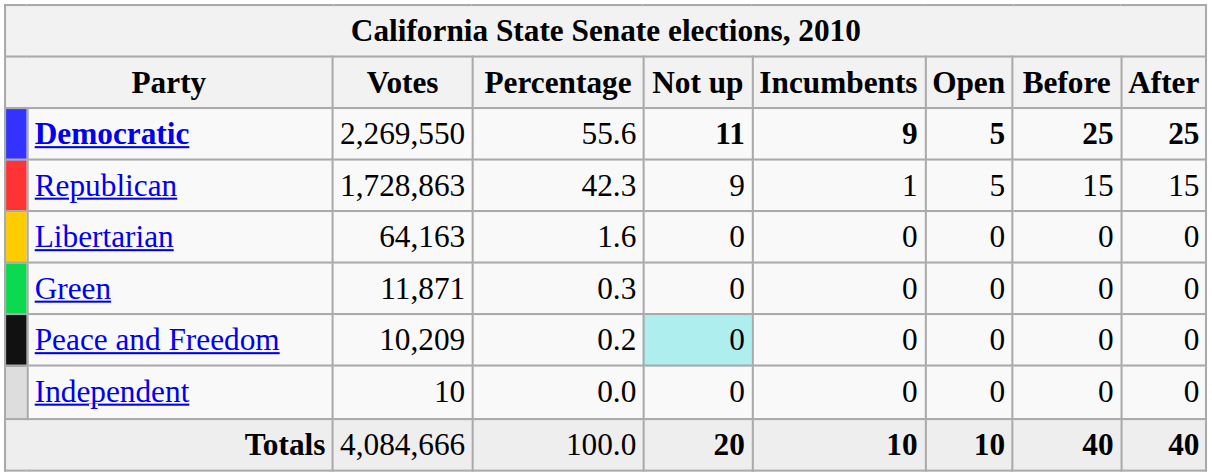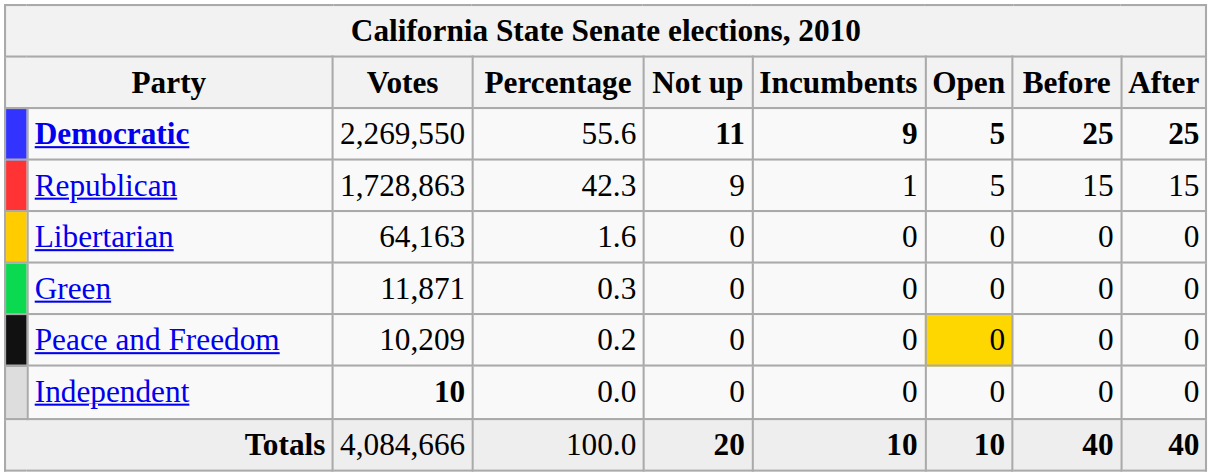 <table class="wikitable" style="font-size: 95%;">
 <tr style="background-color:#E9E9E9">
 <th colspan="9">California State Senate elections, 2010</th>
 </tr>
 <tr bgcolor="#EEEEEE" align="center">
 <th colspan=2 style="width: 10em">Party</th>
 <th style="width: 4em">Votes</th>
 <th style="width: 5em">Percentage</th>
 <th style="width: 3em">Not up</th>
 <th style="width: 5em">Incumbents</th>
 <th style="width: 2em">Open</th>
 <th style="width: 3em">Before</th>
 <th style="width: 1em">After</th>
 </tr>
 <tr>
 <th style="background-color:#3333FF; width: 3px"></th>
 <td style="width: 130px"><strong><a href='#'>Democratic</a></strong></td>
 <td align="right">2,269,550</td>
 <td align="right">55.6</td>
 <td align="right"><strong>11</strong></td>
 <td align="right"><strong>9</strong></td>
 <td align="right"><strong>5</strong></td>
 <td align="right"><strong>25</strong></td>
 <td align="right"><strong>25</strong></td>
 </tr>
 <tr>
 <th style="background-color:#FF3333; width: 3px"></th>
 <td style="width: 130px"><a href='#'>Republican</a></td>
 <td align="right">1,728,863</td>
 <td align="right">42.3</td>
 <td align="right">9</td>
 <td align="right">1</td>
 <td align="right">5</td>
 <td align="right">15</td>
 <td align="right">15</td>
 </tr>
 <tr>
 <th style="background-color:#FFCC00; width: 3px"></th>
 <td style="width: 130px"><a href='#'>Libertarian</a></td>
 <td align="right">64,163</td>
 <td align="right">1.6</td>
 <td align="right">0</td>
 <td align="right">0</td>
 <td align="right">0</td>
 <td align="right">0</td>
 <td align="right">0</td>
 </tr>
 <tr>
 <th style="background-color:#0BDA51; width: 3px"></th>
 <td style="width: 130px"><a href='#'>Green</a></td>
 <td align="right">11,871</td>
 <td align="right">0.3</td>
 <td align="right">0</td>
 <td align="right">0</td>
 <td align="right">0</td>
 <td align="right">0</td>
 <td align="right">0</td>
 </tr>
 <tr>
 <th style="background-color:#111111; width: 3px"></th>
 <td style="width: 130px"><a href='#'>Peace and Freedom</a></td>
 <td align="right">10,209</td>
 <td align="right">0.2</td>
-<td align="right" style="background: paleturquoise;">0</td>
 <td align="right">0</td>
 <td align="right">0</td>
+<td align="right" style="background: gold;">0</td>
 <td align="right">0</td>
 <td align="right">0</td>
 </tr>
 <tr>
 <th style="background-color:#DDDDDD; width: 3px"></th>
 <td style="width: 130px"><a href='#'>Independent</a></td>
-<td align="right">10</td>
+<td align="right"><strong>10</strong></td>
 <td align="right">0.0</td>
 <td align="right">0</td>
 <td align="right">0</td>
 <td align="right">0</td>
 <td align="right">0</td>
 <td align="right">0</td>
 </tr>
 <tr bgcolor="#EEEEEE">
 <td colspan="2" align="right"><strong>Totals</strong></td>
 <td align="right">4,084,666</td>
 <td align="right">100.0</td>
 <td align="right"><strong>20</strong></td>
 <td align="right"><strong>10</strong></td>
 <td align="right"><strong>10</strong></td>
 <td align="right"><strong>40</strong></td>
 <td align="right"><strong>40</strong></td>
 </tr>
 </table>
